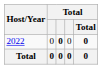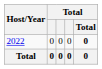 <table class="wikitable" style="font-size:90%; text-align:center;">
 <tr>
 <th rowspan=2>Host/Year</th>
 <th colspan=4;>Total</th>
 </tr>
 <tr>
 <th></th>
 <th></th>
 <th></th>
 <th><strong>Total</strong></th>
 </tr>
 <tr>
 <td align=left> <a href='#'>2022</a></td>
 <td>0</td>
-<td><strong>0</strong></td>
+<td>0</td>
 <td>0</td>
 <td><strong>0</strong></td>
 </tr>
 <tr>
 <th>Total</th>
 <th>0</th>
 <th>0</th>
 <th>0</th>
 <th>0</th>
 </tr>
 </table>
